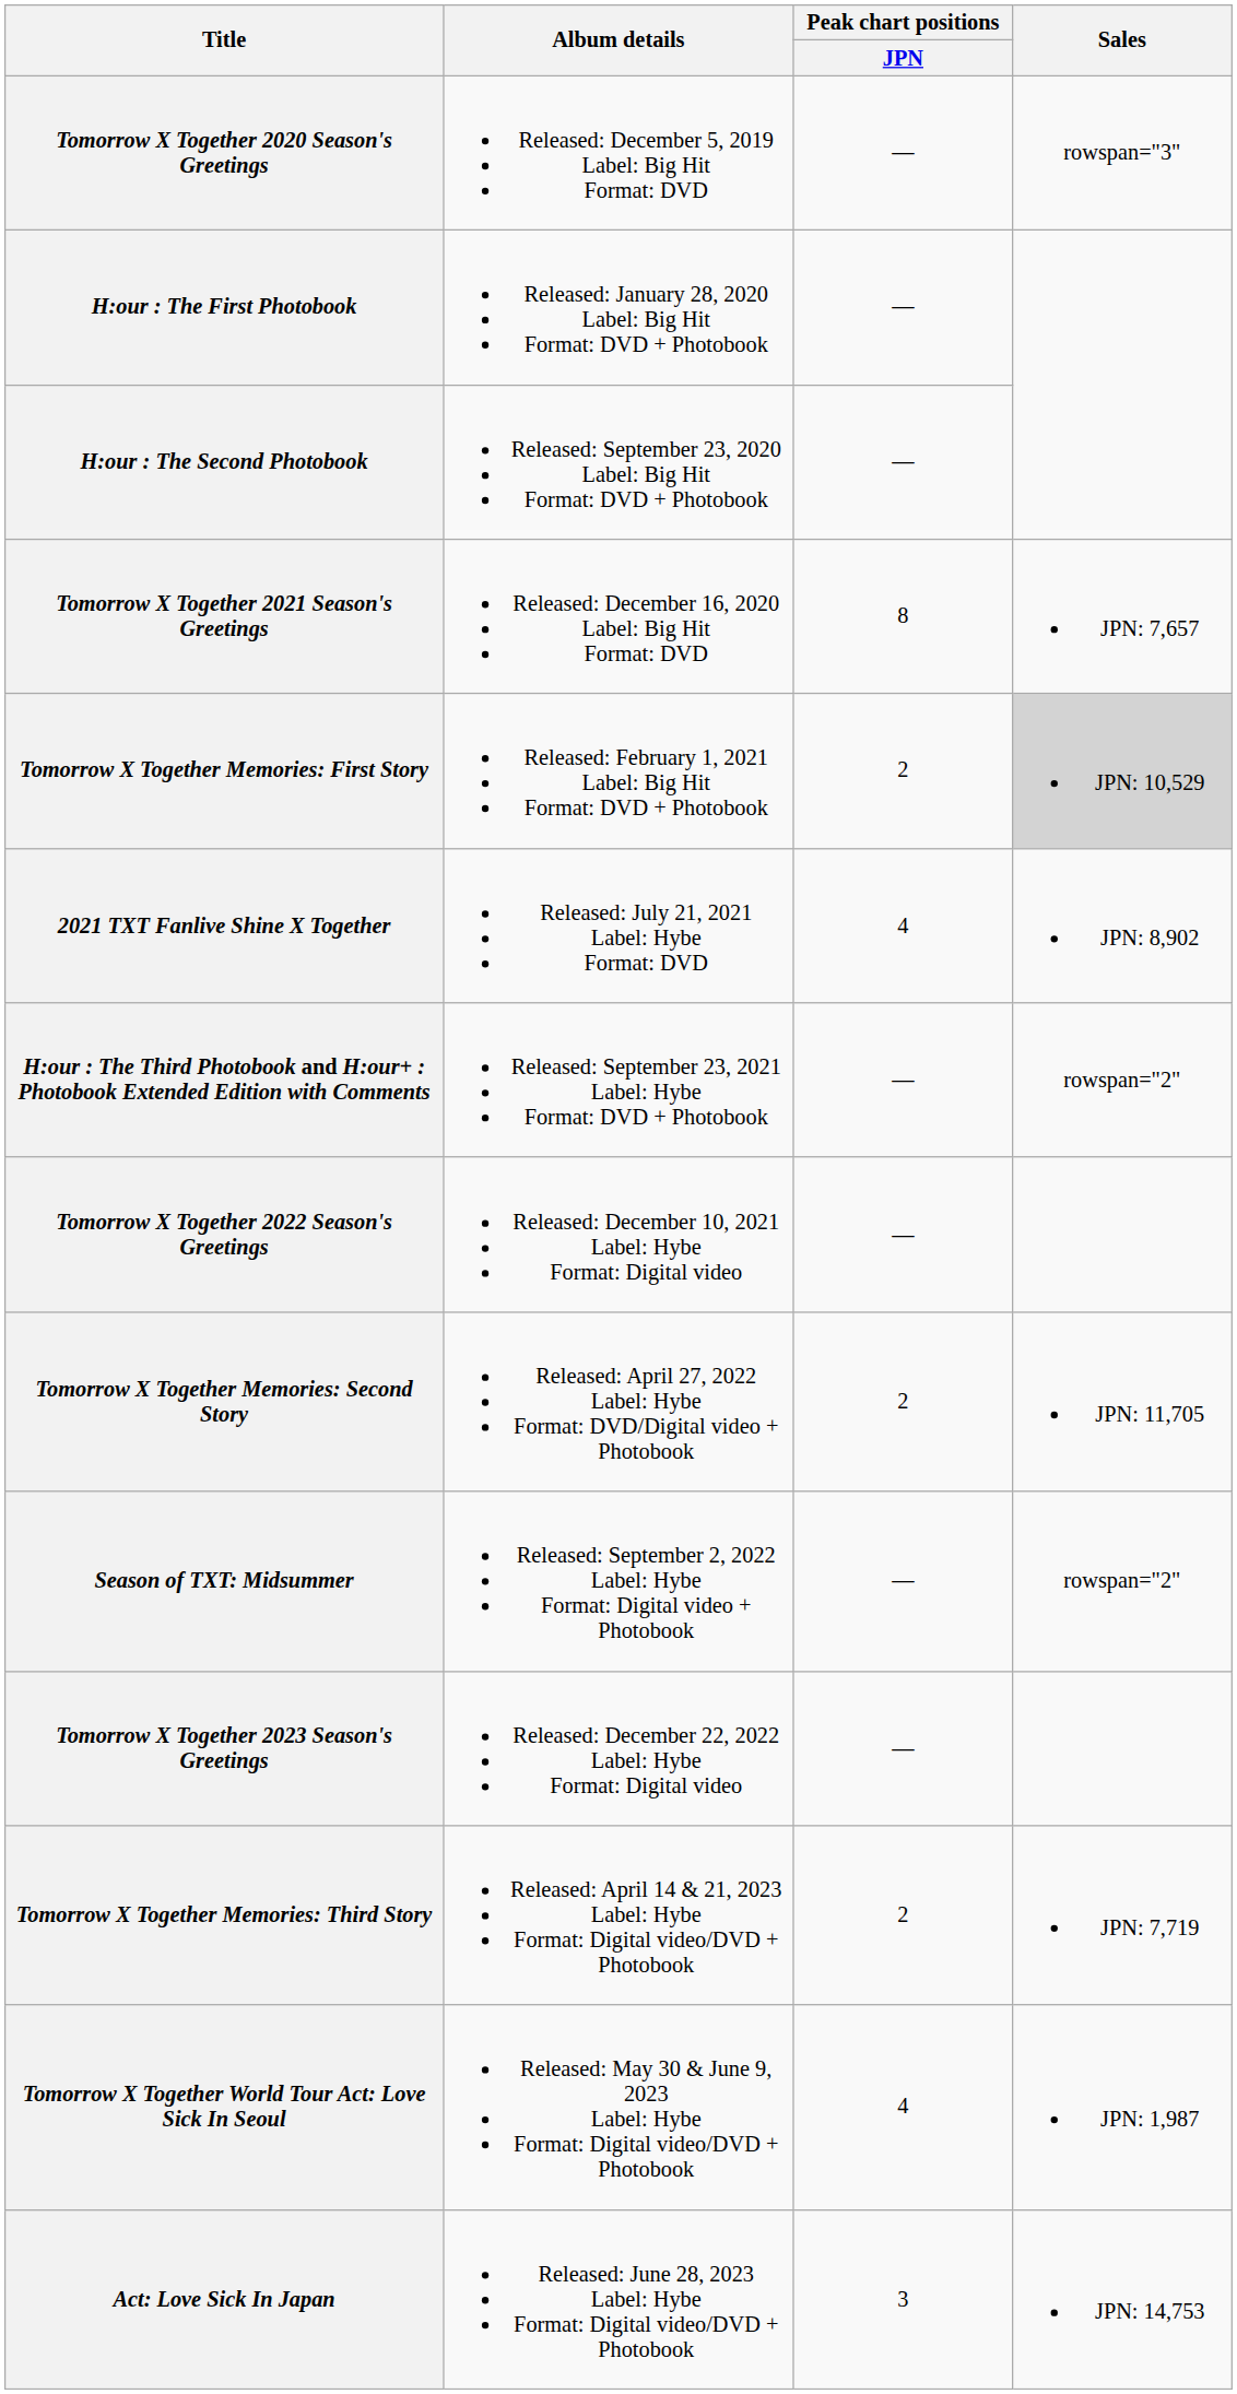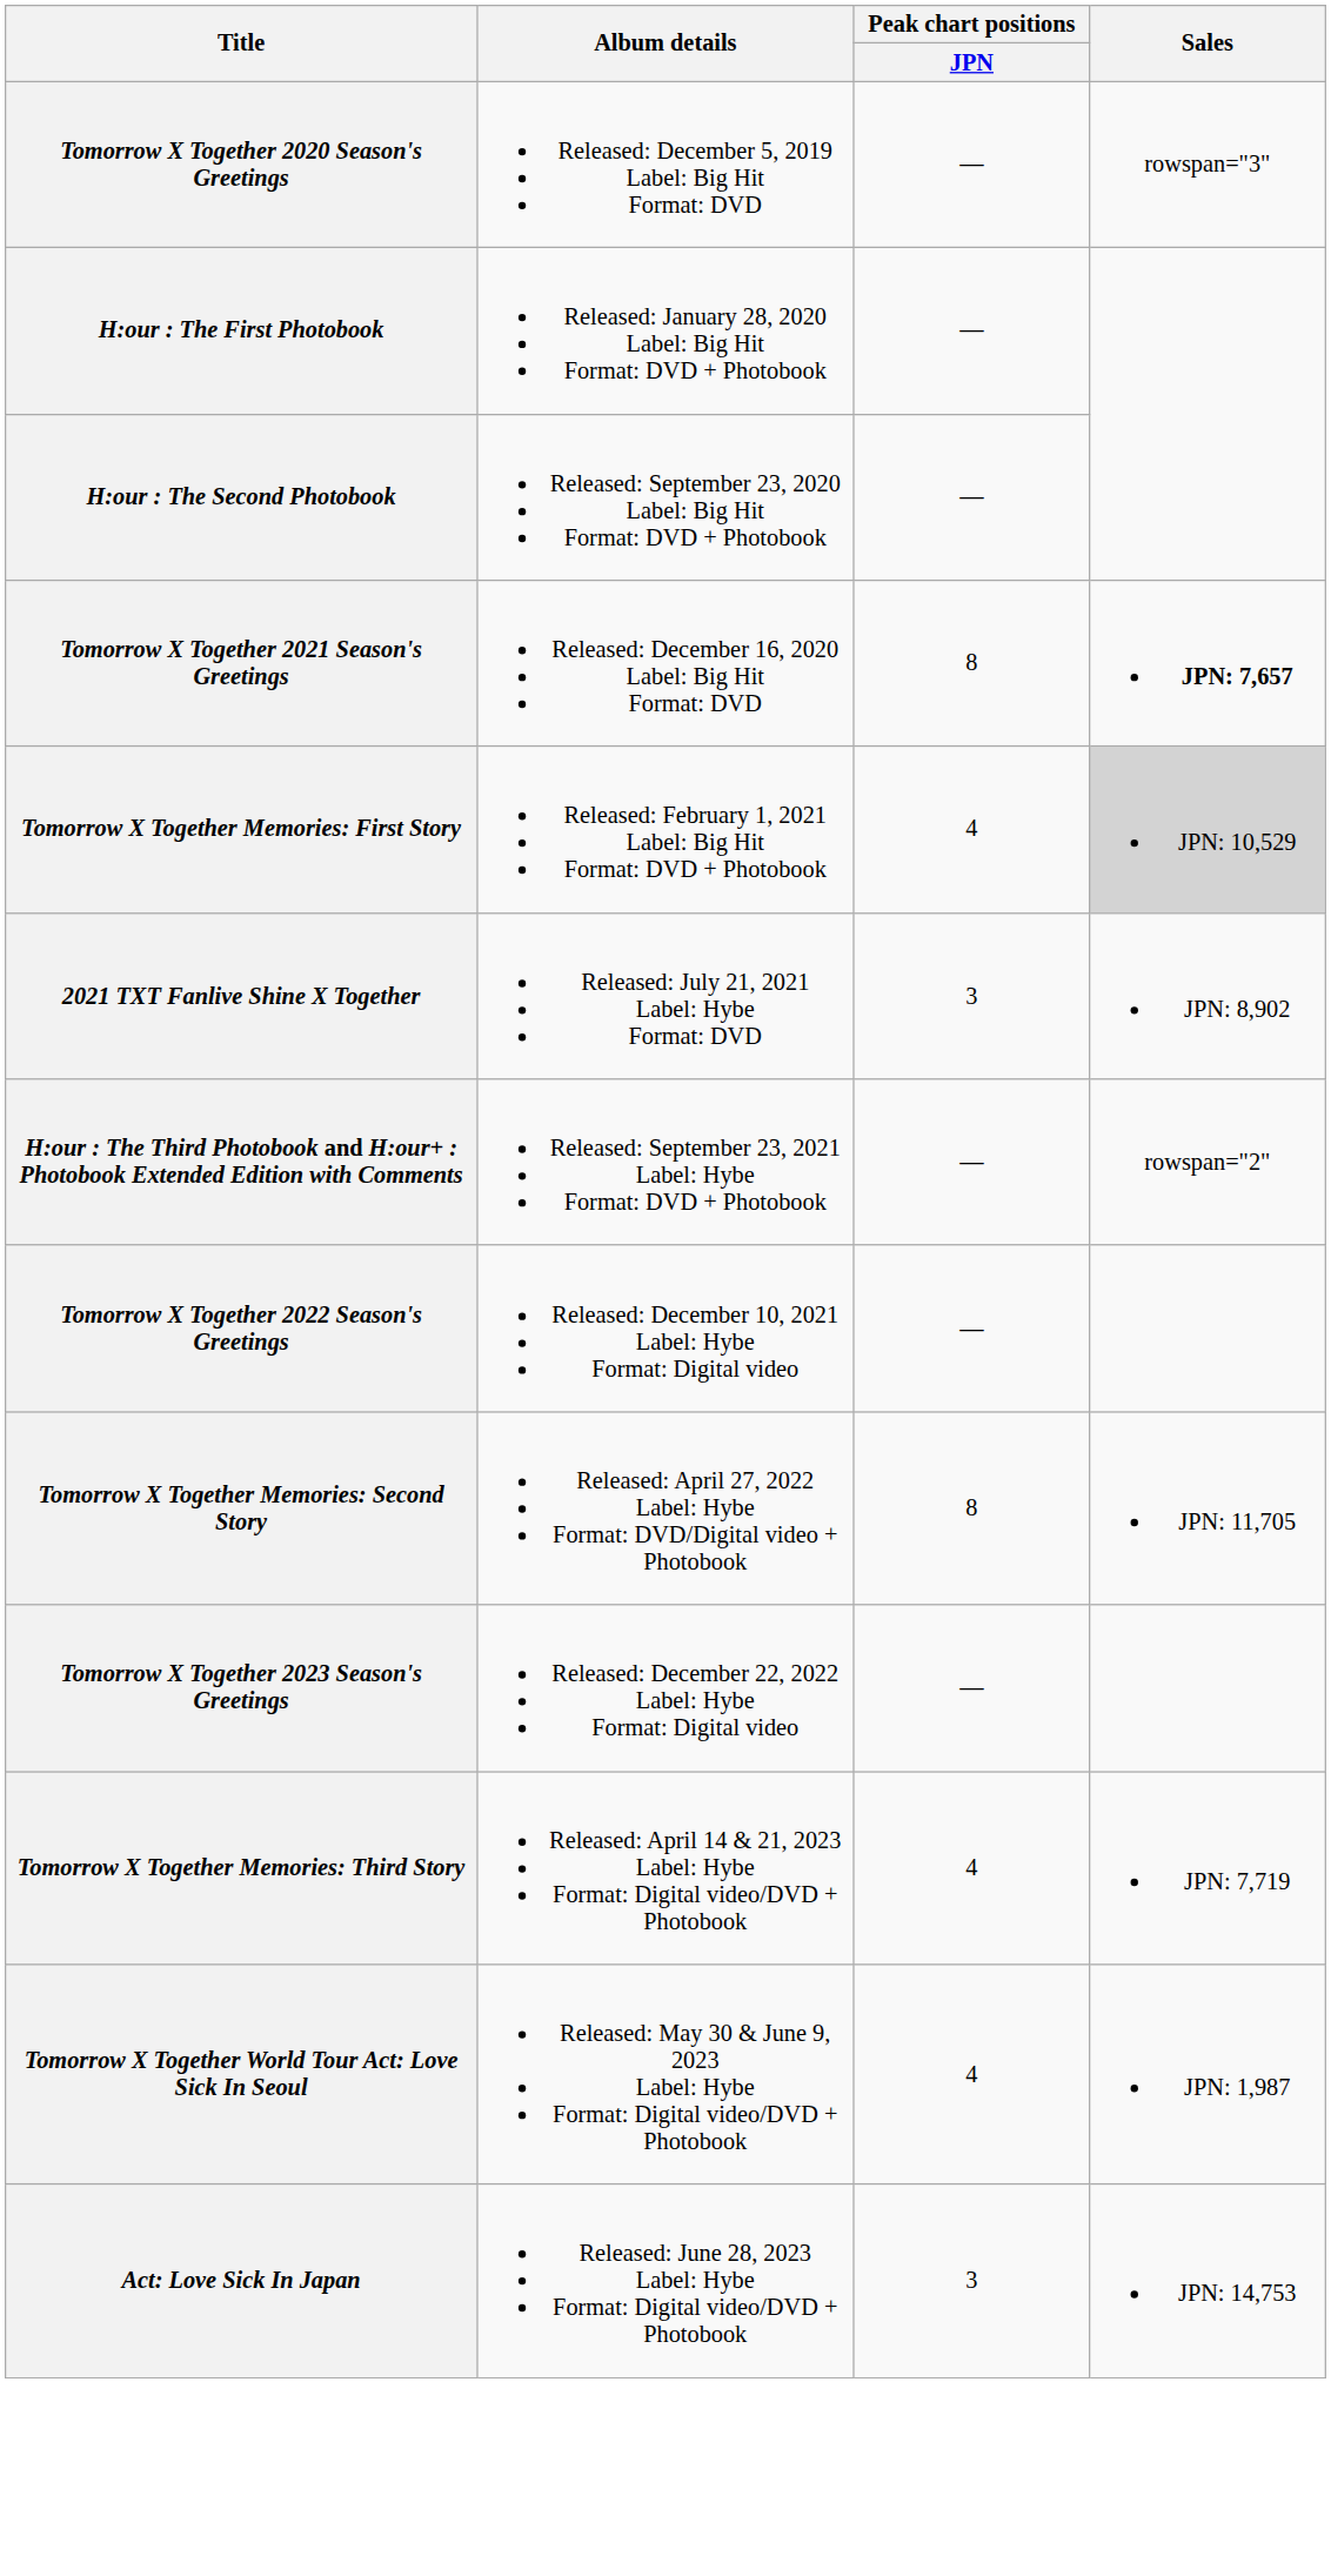 <table class="wikitable plainrowheaders" style="text-align:center; width:70%">
 <tr>
 <th scope="col" rowspan="2" style="width:25%">Title</th>
 <th scope="col" rowspan="2" style="width:20%">Album details</th>
 <th scope="col" style="width:12.5%">Peak chart positions</th>
 <th scope="col" rowspan="2" style="width:12.5%">Sales</th>
 </tr>
 <tr>
 <th><a href='#'>JPN</a><br></th>
 </tr>
 <tr>
 <th scope="row"><em>Tomorrow X Together 2020 Season's Greetings</em></th>
 <td><br><ul><li>Released: December 5, 2019</li><li>Label: Big Hit</li><li>Format: DVD</li></ul></td>
 <td>—</td>
 <td>rowspan="3" </td>
 </tr>
 <tr>
 <th scope="row"><em>H:our : The First Photobook</em></th>
 <td><br><ul><li>Released: January 28, 2020</li><li>Label: Big Hit</li><li>Format: DVD + Photobook</li></ul></td>
 <td>—</td>
 </tr>
 <tr>
 <th scope="row"><em>H:our : The Second Photobook</em></th>
 <td><br><ul><li>Released: September 23, 2020</li><li>Label: Big Hit</li><li>Format: DVD + Photobook</li></ul></td>
 <td>—</td>
 </tr>
 <tr>
 <th scope="row"><em>Tomorrow X Together 2021 Season's Greetings</em></th>
 <td><br><ul><li>Released: December 16, 2020</li><li>Label: Big Hit</li><li>Format: DVD</li></ul></td>
 <td>8</td>
-<td><br><ul><li>JPN: 7,657</li></ul></td>
+<td><strong><br><ul><li>JPN: 7,657</li></ul></strong></td>
 </tr>
 <tr>
 <th scope="row"><em>Tomorrow X Together Memories: First Story</em></th>
 <td><br><ul><li>Released: February 1, 2021</li><li>Label: Big Hit</li><li>Format: DVD + Photobook</li></ul></td>
-<td>2</td>
+<td>4</td>
 <td style="background: lightgrey;"><br><ul><li>JPN: 10,529</li></ul></td>
 </tr>
 <tr>
 <th scope="row"><em>2021 TXT Fanlive Shine X Together</em></th>
 <td><br><ul><li>Released: July 21, 2021</li><li>Label: Hybe</li><li>Format: DVD</li></ul></td>
-<td>4</td>
+<td>3</td>
 <td><br><ul><li>JPN: 8,902</li></ul></td>
 </tr>
 <tr>
 <th scope="row"><em>H:our : The Third Photobook</em> and <em>H:our+ : Photobook Extended Edition with Comments</em></th>
 <td><br><ul><li>Released: September 23, 2021</li><li>Label: Hybe</li><li>Format: DVD + Photobook</li></ul></td>
 <td>—</td>
 <td>rowspan="2" </td>
 </tr>
 <tr>
 <th scope="row"><em>Tomorrow X Together 2022 Season's Greetings</em></th>
 <td><br><ul><li>Released: December 10, 2021</li><li>Label: Hybe</li><li>Format: Digital video</li></ul></td>
 <td>—</td>
 </tr>
 <tr>
 <th scope="row"><em>Tomorrow X Together Memories: Second Story</em></th>
 <td><br><ul><li>Released: April 27, 2022</li><li>Label: Hybe</li><li>Format: DVD/Digital video + Photobook</li></ul></td>
-<td>2</td>
+<td>8</td>
 <td><br><ul><li>JPN: 11,705</li></ul></td>
-</tr>
-<tr>
-<th scope="row"><em>Season of TXT: Midsummer</em></th>
-<td><br><ul><li>Released: September 2, 2022</li><li>Label: Hybe</li><li>Format: Digital video + Photobook</li></ul></td>
-<td>—</td>
-<td>rowspan="2" </td>
 </tr>
 <tr>
 <th scope="row"><em>Tomorrow X Together 2023 Season's Greetings</em></th>
 <td><br><ul><li>Released: December 22, 2022</li><li>Label: Hybe</li><li>Format: Digital video</li></ul></td>
 <td>—</td>
 </tr>
 <tr>
 <th scope="row"><em>Tomorrow X Together Memories: Third Story</em></th>
 <td><br><ul><li>Released: April 14 & 21, 2023</li><li>Label: Hybe</li><li>Format: Digital video/DVD + Photobook</li></ul></td>
-<td>2</td>
+<td>4</td>
 <td><br><ul><li>JPN: 7,719</li></ul></td>
 </tr>
 <tr>
 <th scope="row"><em>Tomorrow X Together World Tour Act: Love Sick In Seoul</em></th>
 <td><br><ul><li>Released: May 30 & June 9, 2023</li><li>Label: Hybe</li><li>Format: Digital video/DVD + Photobook</li></ul></td>
 <td>4</td>
 <td><br><ul><li>JPN: 1,987</li></ul></td>
 </tr>
 <tr>
 <th scope="row"><em>Act: Love Sick In Japan</em></th>
 <td><br><ul><li>Released: June 28, 2023</li><li>Label: Hybe</li><li>Format: Digital video/DVD + Photobook</li></ul></td>
 <td>3</td>
 <td><br><ul><li>JPN: 14,753</li></ul></td>
 </tr>
 </table>
